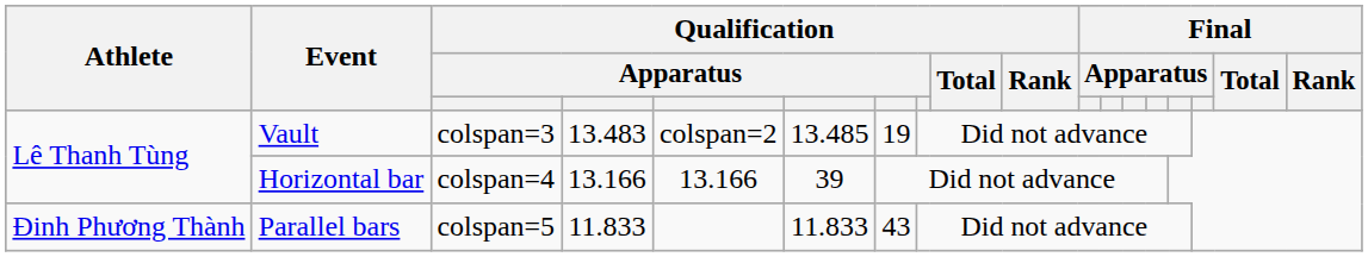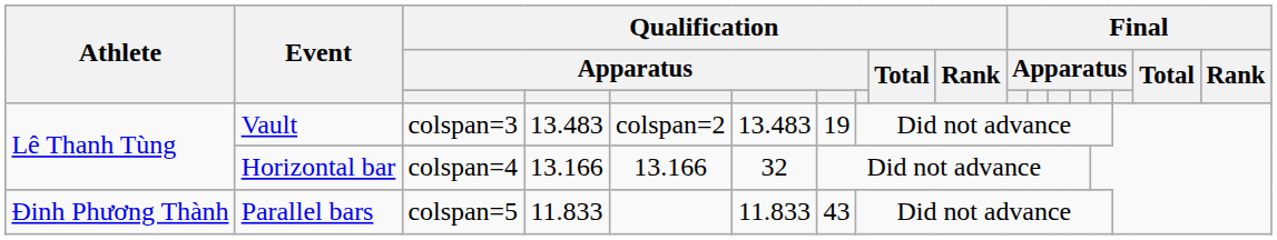 <table class="wikitable" style="font-size:90%">
 <tr>
 <th rowspan="3">Athlete</th>
 <th rowspan="3">Event</th>
 <th colspan="8">Qualification</th>
 <th colspan="8">Final</th>
 </tr>
 <tr style="font-size:95%">
 <th colspan="6">Apparatus</th>
 <th rowspan="2">Total</th>
 <th rowspan="2">Rank</th>
 <th colspan="6">Apparatus</th>
 <th rowspan="2">Total</th>
 <th rowspan="2">Rank</th>
 </tr>
 <tr style="font-size:95%">
 <th></th>
 <th></th>
 <th></th>
 <th></th>
 <th></th>
 <th></th>
 <th></th>
 <th></th>
 <th></th>
 <th></th>
 <th></th>
 <th></th>
 </tr>
 <tr align=center>
 <td align=left rowspan=2><a href='#'>Lê Thanh Tùng</a></td>
 <td align=left><a href='#'>Vault</a></td>
 <td>colspan=3 </td>
 <td>13.483</td>
 <td>colspan=2 </td>
-<td>13.485</td>
+<td>13.483</td>
 <td>19</td>
 <td colspan=8>Did not advance</td>
 </tr>
 <tr align=center>
 <td align=left><a href='#'>Horizontal bar</a></td>
 <td>colspan=4 </td>
 <td>13.166</td>
 <td>13.166</td>
-<td>39</td>
+<td>32</td>
 <td colspan=8>Did not advance</td>
 </tr>
 <tr align=center>
 <td align=left><a href='#'>Đinh Phương Thành</a></td>
 <td align=left><a href='#'>Parallel bars</a></td>
 <td>colspan=5 </td>
 <td>11.833</td>
 <td></td>
 <td>11.833</td>
 <td>43</td>
 <td colspan=8>Did not advance</td>
 </tr>
 </table>
